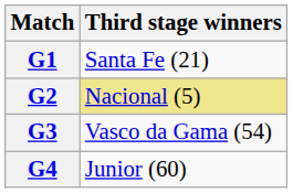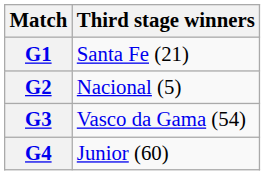 <table class="wikitable">
 <tr>
 <th>Match</th>
 <th>Third stage winners</th>
 </tr>
 <tr>
 <th><a href='#'>G1</a></th>
 <td> <a href='#'>Santa Fe</a> (21)</td>
 </tr>
 <tr>
 <th><a href='#'>G2</a></th>
-<td style="background: khaki;"> <a href='#'>Nacional</a> (5)</td>
+<td> <a href='#'>Nacional</a> (5)</td>
 </tr>
 <tr>
 <th><a href='#'>G3</a></th>
 <td> <a href='#'>Vasco da Gama</a> (54)</td>
 </tr>
 <tr>
 <th><a href='#'>G4</a></th>
 <td> <a href='#'>Junior</a> (60)</td>
 </tr>
 </table>
